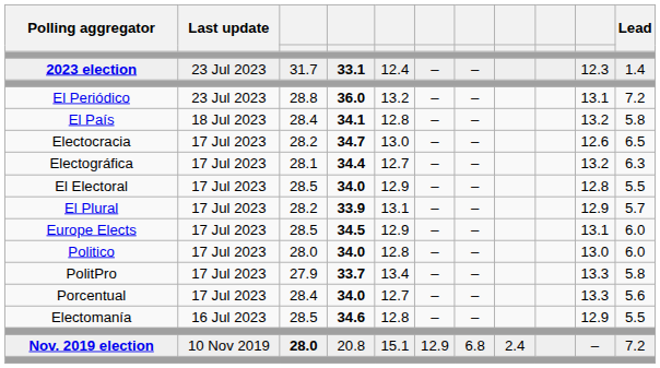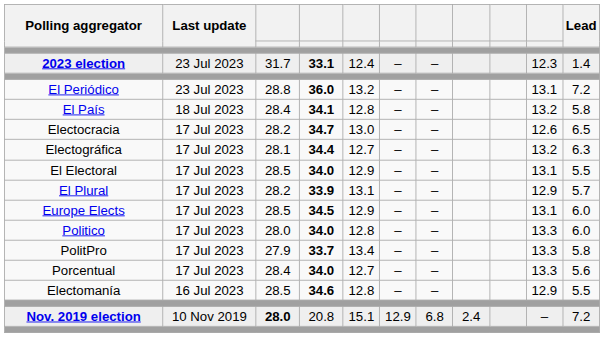 <table class="wikitable collapsible" style="text-align:center; font-size:95%; line-height:16px;">
 <tr style="height:42px;">
 <th style="width:175px;" rowspan="2">Polling aggregator</th>
 <th style="width:100px;" rowspan="2">Last update</th>
 <th style="width:43px;"></th>
 <th style="width:43px;"></th>
 <th style="width:35px;"></th>
 <th style="width:35px;"></th>
 <th style="width:35px;"></th>
 <th style="width:35px;"></th>
 <th style="width:35px;"></th>
 <th style="width:35px;"></th>
 <th rowspan="2" style="width:30px;">Lead</th>
 </tr>
 <tr>
 <th style="color:inherit;background:"></th>
 <th style="color:inherit;background:"></th>
 <th style="color:inherit;background:"></th>
 <th style="color:inherit;background:"></th>
 <th style="color:inherit;background:"></th>
 <th style="color:inherit;background:"></th>
 <th style="color:inherit;background:"></th>
 <th style="color:inherit;background:"></th>
 </tr>
 <tr>
 <td colspan="11" style="background:#A0A0A0"></td>
 </tr>
 <tr style="background:#EFEFEF;">
 <td><strong><a href='#'>2023 election</a></strong></td>
 <td>23 Jul 2023</td>
 <td>31.7<br></td>
 <td><strong>33.1</strong><br></td>
 <td>12.4<br></td>
 <td>–</td>
 <td>–</td>
 <td></td>
 <td></td>
 <td>12.3<br></td>
 <td style="background:">1.4</td>
 </tr>
 <tr>
 <td colspan="11" style="background:#A0A0A0"></td>
 </tr>
 <tr>
 <td><a href='#'>El Periódico</a></td>
 <td>23 Jul 2023</td>
 <td>28.8<br></td>
 <td><strong>36.0</strong><br></td>
 <td>13.2<br></td>
 <td>–</td>
 <td>–</td>
 <td></td>
 <td></td>
 <td>13.1<br></td>
 <td style="background:">7.2</td>
 </tr>
 <tr>
 <td><a href='#'>El País</a></td>
 <td>18 Jul 2023</td>
 <td>28.4<br></td>
 <td><strong>34.1</strong><br></td>
 <td>12.8<br></td>
 <td>–</td>
 <td>–</td>
 <td></td>
 <td></td>
 <td>13.2<br></td>
 <td style="background:">5.8</td>
 </tr>
 <tr>
 <td>Electocracia</td>
 <td>17 Jul 2023</td>
 <td>28.2<br></td>
 <td><strong>34.7</strong><br></td>
 <td>13.0<br></td>
 <td>–</td>
 <td>–</td>
 <td></td>
 <td></td>
 <td>12.6<br></td>
 <td style="background:">6.5</td>
 </tr>
 <tr>
 <td>Electográfica</td>
 <td>17 Jul 2023</td>
 <td>28.1<br></td>
 <td><strong>34.4</strong><br></td>
 <td>12.7<br></td>
 <td>–</td>
 <td>–</td>
 <td></td>
 <td></td>
 <td>13.2<br></td>
 <td style="background:">6.3</td>
 </tr>
 <tr>
 <td>El Electoral</td>
 <td>17 Jul 2023</td>
 <td>28.5<br></td>
 <td><strong>34.0</strong><br></td>
 <td>12.9<br></td>
 <td>–</td>
 <td>–</td>
 <td></td>
 <td></td>
-<td>12.8<br></td>
+<td>13.1<br></td>
 <td style="background:">5.5</td>
 </tr>
 <tr>
 <td><a href='#'>El Plural</a></td>
 <td>17 Jul 2023</td>
 <td>28.2<br></td>
 <td><strong>33.9</strong><br></td>
 <td>13.1<br></td>
 <td>–</td>
 <td>–</td>
 <td></td>
 <td></td>
 <td>12.9<br></td>
 <td style="background:">5.7</td>
 </tr>
 <tr>
 <td><a href='#'>Europe Elects</a></td>
 <td>17 Jul 2023</td>
 <td>28.5</td>
 <td><strong>34.5</strong></td>
 <td>12.9</td>
 <td>–</td>
 <td>–</td>
 <td></td>
 <td></td>
 <td>13.1</td>
 <td style="background:">6.0</td>
 </tr>
 <tr>
 <td><a href='#'>Politico</a></td>
 <td>17 Jul 2023</td>
 <td>28.0</td>
 <td><strong>34.0</strong></td>
 <td>12.8</td>
 <td>–</td>
 <td>–</td>
 <td></td>
 <td></td>
-<td>13.0</td>
+<td>13.3</td>
 <td style="background:">6.0</td>
 </tr>
 <tr>
 <td>PolitPro</td>
 <td>17 Jul 2023</td>
 <td>27.9</td>
 <td><strong>33.7</strong></td>
 <td>13.4</td>
 <td>–</td>
 <td>–</td>
 <td></td>
 <td></td>
 <td>13.3</td>
 <td style="background:">5.8</td>
 </tr>
 <tr>
 <td>Porcentual</td>
 <td>17 Jul 2023</td>
 <td>28.4<br></td>
 <td><strong>34.0</strong><br></td>
 <td>12.7<br></td>
 <td>–</td>
 <td>–</td>
 <td></td>
 <td></td>
 <td>13.3<br></td>
 <td style="background:">5.6</td>
 </tr>
 <tr>
 <td>Electomanía</td>
 <td>16 Jul 2023</td>
 <td>28.5</td>
 <td><strong>34.6</strong></td>
 <td>12.8</td>
 <td>–</td>
 <td>–</td>
 <td></td>
 <td></td>
 <td>12.9</td>
 <td style="background:">5.5</td>
 </tr>
 <tr>
 <td colspan="11" style="background:#A0A0A0"></td>
 </tr>
 <tr style="background:#EFEFEF;">
 <td><strong><a href='#'>Nov. 2019 election</a></strong></td>
 <td>10 Nov 2019</td>
 <td><strong>28.0</strong><br></td>
 <td>20.8<br></td>
 <td>15.1<br></td>
 <td>12.9<br></td>
 <td>6.8<br></td>
 <td>2.4<br></td>
 <td></td>
 <td>–</td>
 <td style="background:">7.2</td>
 </tr>
 <tr>
 <td colspan="11" style="background:#A0A0A0"></td>
 </tr>
 </table>
